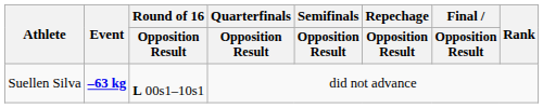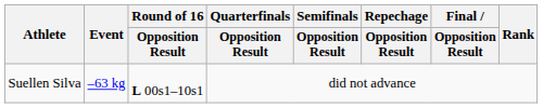 <table class=wikitable style=font-size:90%;text-align:center>
 <tr>
 <th rowspan="2">Athlete</th>
 <th rowspan="2">Event</th>
 <th>Round of 16</th>
 <th>Quarterfinals</th>
 <th>Semifinals</th>
 <th>Repechage</th>
 <th>Final / </th>
 <th rowspan=2>Rank</th>
 </tr>
 <tr style="font-size:95%">
 <th>Opposition<br>Result</th>
 <th>Opposition<br>Result</th>
 <th>Opposition<br>Result</th>
 <th>Opposition<br>Result</th>
 <th>Opposition<br>Result</th>
 </tr>
 <tr>
 <td align=left>Suellen Silva</td>
-<td align=left><strong><a href='#'>–63 kg</a></strong></td>
+<td align=left><a href='#'>–63 kg</a></td>
 <td><br><strong>L</strong> 00s1–10s1</td>
 <td colspan=5>did not advance</td>
 </tr>
 </table>
